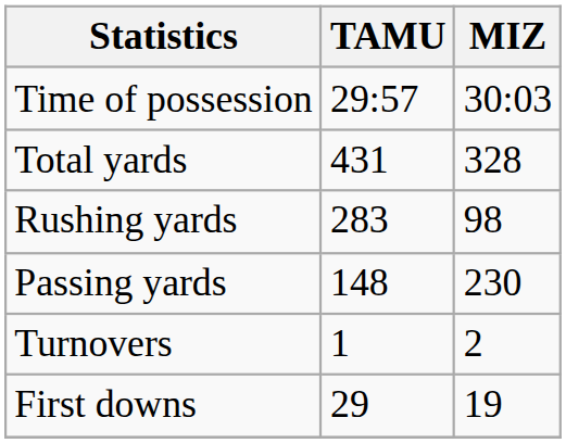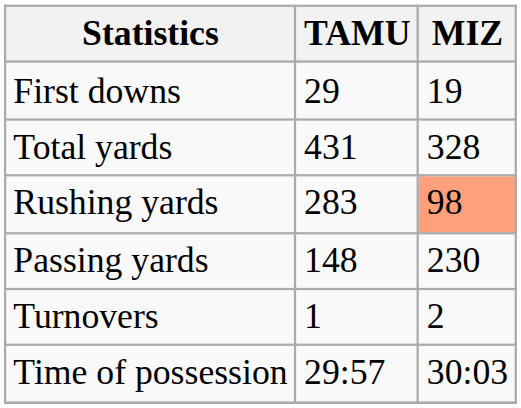 <table class="wikitable" style="float: left;">
 <tr>
 <th>Statistics</th>
 <th>TAMU</th>
 <th>MIZ</th>
 </tr>
 <tr>
-<td>Time of possession</td>
-<td>29:57</td>
-<td>30:03</td>
+<td>First downs</td>
+<td>29</td>
+<td>19</td>
 </tr>
 <tr>
 <td>Total yards</td>
 <td>431</td>
 <td>328</td>
 </tr>
 <tr>
 <td>Rushing yards</td>
 <td>283</td>
-<td>98</td>
+<td style="background: lightsalmon;">98</td>
 </tr>
 <tr>
 <td>Passing yards</td>
 <td>148</td>
 <td>230</td>
 </tr>
 <tr>
 <td>Turnovers</td>
 <td>1</td>
 <td>2</td>
 </tr>
 <tr>
-<td>First downs</td>
-<td>29</td>
-<td>19</td>
+<td>Time of possession</td>
+<td>29:57</td>
+<td>30:03</td>
 </tr>
 <tr>
 </tr>
 </table>
